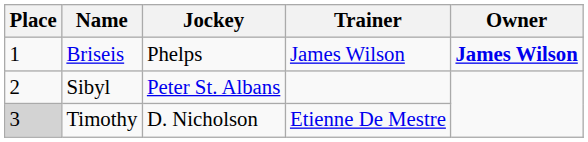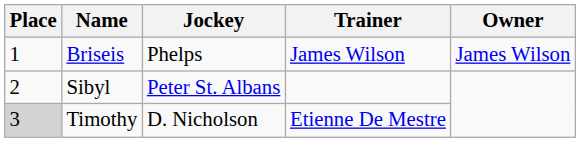 <table class="wikitable">
 <tr>
 <th>Place</th>
 <th>Name</th>
 <th>Jockey</th>
 <th>Trainer</th>
 <th>Owner</th>
 </tr>
 <tr>
 <td>1</td>
 <td><a href='#'>Briseis</a></td>
 <td>Phelps</td>
 <td><a href='#'>James Wilson</a></td>
-<td><strong><a href='#'>James Wilson</a></strong></td>
+<td><a href='#'>James Wilson</a></td>
 </tr>
 <tr>
 <td>2</td>
 <td>Sibyl</td>
 <td><a href='#'>Peter St. Albans</a></td>
 <td></td>
 </tr>
 <tr>
 <td style="background: lightgrey;">3</td>
 <td>Timothy</td>
 <td>D. Nicholson</td>
 <td><a href='#'>Etienne De Mestre</a></td>
 </tr>
 </table>
